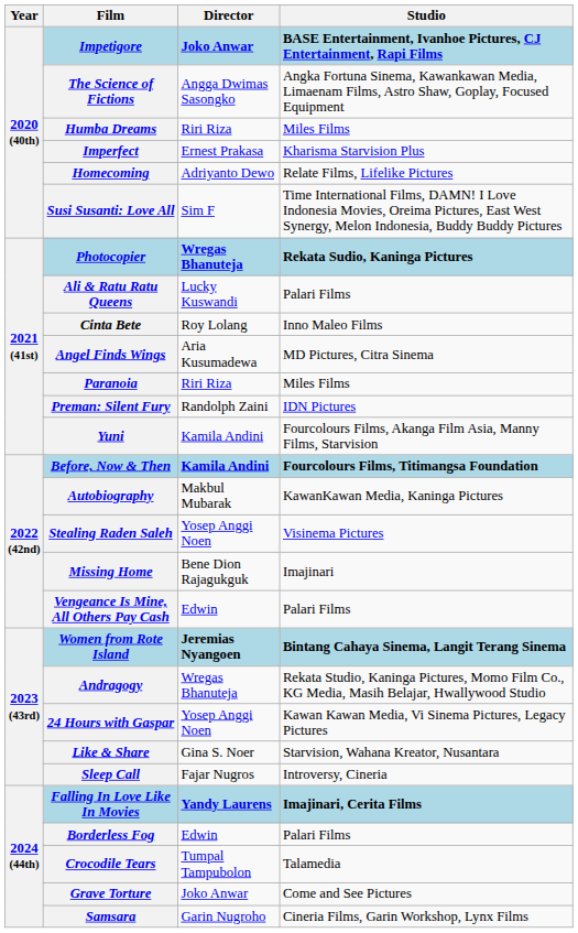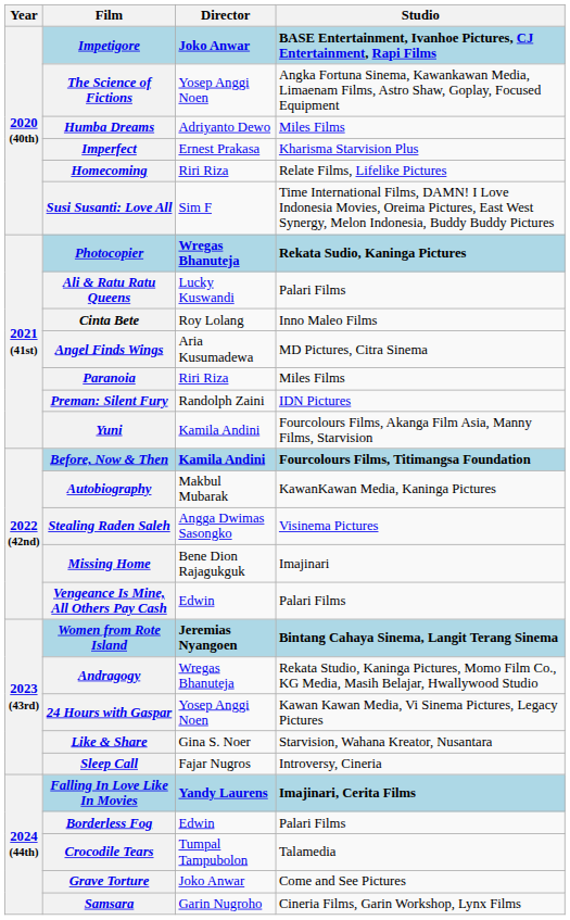 <table class="wikitable plainrowheaders sortable" style="width: 74%;">
 <tr>
 <th scope="col">Year</th>
 <th scope="col">Film</th>
 <th scope="col">Director</th>
 <th scope="col">Studio</th>
 </tr>
 <tr>
 <th scope="row" rowspan="6" style="text-align:center;"><strong><a href='#'>2020</a></strong><br><small>(40th)</small></th>
 <th scope="row" style="background:lightblue;"><strong><em><a href='#'>Impetigore</a></em></strong></th>
 <td style="background:lightblue;"><strong><a href='#'>Joko Anwar</a></strong></td>
 <td style="background:lightblue;"><strong>BASE Entertainment, Ivanhoe Pictures, <a href='#'>CJ Entertainment</a>, <a href='#'>Rapi Films</a></strong></td>
 </tr>
 <tr>
 <th scope="row"><em><a href='#'>The Science of Fictions</a></em></th>
-<td><a href='#'>Angga Dwimas Sasongko</a></td>
+<td><a href='#'>Yosep Anggi Noen</a></td>
 <td>Angka Fortuna Sinema, Kawankawan Media, Limaenam Films, Astro Shaw, Goplay, Focused Equipment</td>
 </tr>
 <tr>
 <th scope="row"><em><a href='#'>Humba Dreams</a></em></th>
-<td><a href='#'>Riri Riza</a></td>
+<td><a href='#'>Adriyanto Dewo</a></td>
 <td><a href='#'>Miles Films</a></td>
 </tr>
 <tr>
 <th scope="row"><em><a href='#'>Imperfect</a></em></th>
 <td><a href='#'>Ernest Prakasa</a></td>
 <td><a href='#'>Kharisma Starvision Plus</a></td>
 </tr>
 <tr>
 <th scope="row"><em><a href='#'>Homecoming</a></em></th>
-<td><a href='#'>Adriyanto Dewo</a></td>
+<td><a href='#'>Riri Riza</a></td>
 <td>Relate Films, <a href='#'>Lifelike Pictures</a></td>
 </tr>
 <tr>
 <th scope="row"><em><a href='#'>Susi Susanti: Love All</a></em></th>
 <td><a href='#'>Sim F</a></td>
 <td>Time International Films, DAMN! I Love Indonesia Movies, Oreima Pictures, East West Synergy, Melon Indonesia, Buddy Buddy Pictures</td>
 </tr>
 <tr>
 <th scope="row" rowspan="7" style="text-align:center;"><strong><a href='#'>2021</a></strong><br><small>(41st)</small></th>
 <th scope="row" style="background:lightblue;"><strong><em><a href='#'>Photocopier</a></em></strong></th>
 <td style="background:lightblue;"><strong><a href='#'>Wregas Bhanuteja</a></strong></td>
 <td style="background:lightblue;"><strong>Rekata Sudio, Kaninga Pictures</strong></td>
 </tr>
 <tr>
 <th scope="row"><em><a href='#'>Ali & Ratu Ratu Queens</a></em></th>
 <td><a href='#'>Lucky Kuswandi</a></td>
 <td>Palari Films</td>
 </tr>
 <tr>
 <th scope="row"><em>Cinta Bete</em></th>
 <td>Roy Lolang</td>
 <td>Inno Maleo Films</td>
 </tr>
 <tr>
 <th scope="row"><em><a href='#'>Angel Finds Wings</a></em></th>
 <td>Aria Kusumadewa</td>
 <td>MD Pictures, Citra Sinema</td>
 </tr>
 <tr>
 <th scope="row"><em><a href='#'>Paranoia</a></em></th>
 <td><a href='#'>Riri Riza</a></td>
 <td>Miles Films</td>
 </tr>
 <tr>
 <th scope="row"><em><a href='#'>Preman: Silent Fury</a></em></th>
 <td>Randolph Zaini</td>
 <td><a href='#'>IDN Pictures</a></td>
 </tr>
 <tr>
 <th scope="row"><em><a href='#'>Yuni</a></em></th>
 <td><a href='#'>Kamila Andini</a></td>
 <td>Fourcolours Films, Akanga Film Asia, Manny Films, Starvision</td>
 </tr>
 <tr>
 <th scope="row" rowspan="5" style="text-align:center;"><strong><a href='#'>2022</a></strong><br><small>(42nd)</small></th>
 <th scope="row" style="background:lightblue;"><strong><em><a href='#'>Before, Now & Then</a></em></strong></th>
 <td style="background:lightblue;"><strong><a href='#'>Kamila Andini</a></strong></td>
 <td style="background:lightblue;"><strong>Fourcolours Films, Titimangsa Foundation</strong></td>
 </tr>
 <tr>
 <th scope="row"><a href='#'><em>Autobiography</em></a></th>
 <td>Makbul Mubarak</td>
 <td>KawanKawan Media, Kaninga Pictures</td>
 </tr>
 <tr>
 <th scope="row"><em><a href='#'>Stealing Raden Saleh</a></em></th>
-<td><a href='#'>Yosep Anggi Noen</a></td>
+<td><a href='#'>Angga Dwimas Sasongko</a></td>
 <td><a href='#'>Visinema Pictures</a></td>
 </tr>
 <tr>
 <th scope="row"><em><a href='#'>Missing Home</a></em></th>
 <td>Bene Dion Rajagukguk</td>
 <td>Imajinari</td>
 </tr>
 <tr>
 <th scope="row"><a href='#'><em>Vengeance Is Mine, All Others Pay Cash</em></a></th>
 <td><a href='#'>Edwin</a></td>
 <td>Palari Films</td>
 </tr>
 <tr>
 <th scope="row" rowspan="5" style="text-align:center;"><strong><a href='#'>2023</a></strong><br><small>(43rd)</small></th>
 <th scope="row" style="background:lightblue;"><strong><em><a href='#'>Women from Rote Island</a></em></strong></th>
 <td style="background:lightblue;"><strong>Jeremias Nyangoen</strong></td>
 <td style="background:lightblue;"><strong>Bintang Cahaya Sinema, Langit Terang Sinema</strong></td>
 </tr>
 <tr>
 <th scope="row"><em><a href='#'>Andragogy</a></em></th>
 <td><a href='#'>Wregas Bhanuteja</a></td>
 <td>Rekata Studio, Kaninga Pictures, Momo Film Co., KG Media, Masih Belajar, Hwallywood Studio</td>
 </tr>
 <tr>
 <th scope="row"><em><a href='#'>24 Hours with Gaspar</a></em></th>
 <td><a href='#'>Yosep Anggi Noen</a></td>
 <td>Kawan Kawan Media, Vi Sinema Pictures, Legacy Pictures</td>
 </tr>
 <tr>
 <th scope="row"><em><a href='#'>Like & Share</a></em></th>
 <td>Gina S. Noer</td>
 <td>Starvision, Wahana Kreator, Nusantara</td>
 </tr>
 <tr>
 <th scope="row"><em><a href='#'>Sleep Call</a></em></th>
 <td>Fajar Nugros</td>
 <td>Introversy, Cineria</td>
 </tr>
 <tr>
 <th scope="row" rowspan="5" style="text-align:center;"><strong><a href='#'>2024</a></strong><br><small>(44th)</small></th>
 <th scope="row" style="background:lightblue;"><strong><em><a href='#'>Falling In Love Like In Movies</a></em></strong></th>
 <td style="background:lightblue;"><strong><a href='#'>Yandy Laurens</a></strong></td>
 <td style="background:lightblue;"><strong>Imajinari, Cerita Films</strong></td>
 </tr>
 <tr>
 <th scope="row"><em><a href='#'>Borderless Fog</a></em></th>
 <td><a href='#'>Edwin</a></td>
 <td>Palari Films</td>
 </tr>
 <tr>
 <th scope="row"><em><a href='#'>Crocodile Tears</a></em></th>
 <td><a href='#'>Tumpal Tampubolon</a></td>
 <td>Talamedia</td>
 </tr>
 <tr>
 <th scope="row"><em><a href='#'>Grave Torture</a></em></th>
 <td><a href='#'>Joko Anwar</a></td>
 <td>Come and See Pictures</td>
 </tr>
 <tr>
 <th scope="row"><em><a href='#'>Samsara</a></em></th>
 <td><a href='#'>Garin Nugroho</a></td>
 <td>Cineria Films, Garin Workshop, Lynx Films</td>
 </tr>
 </table>
